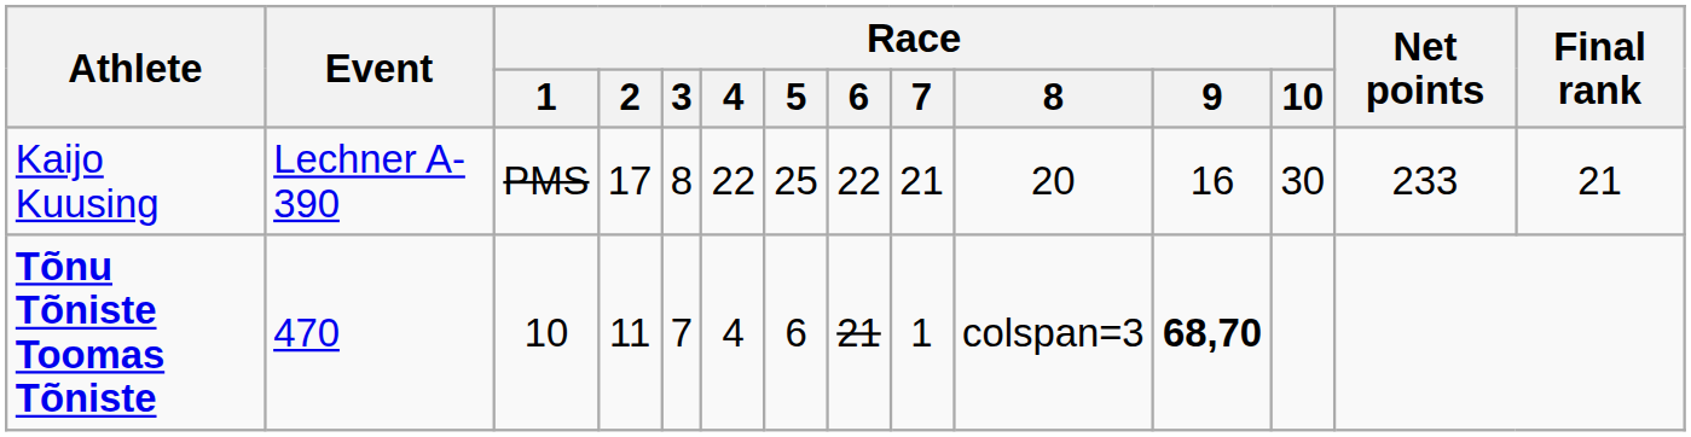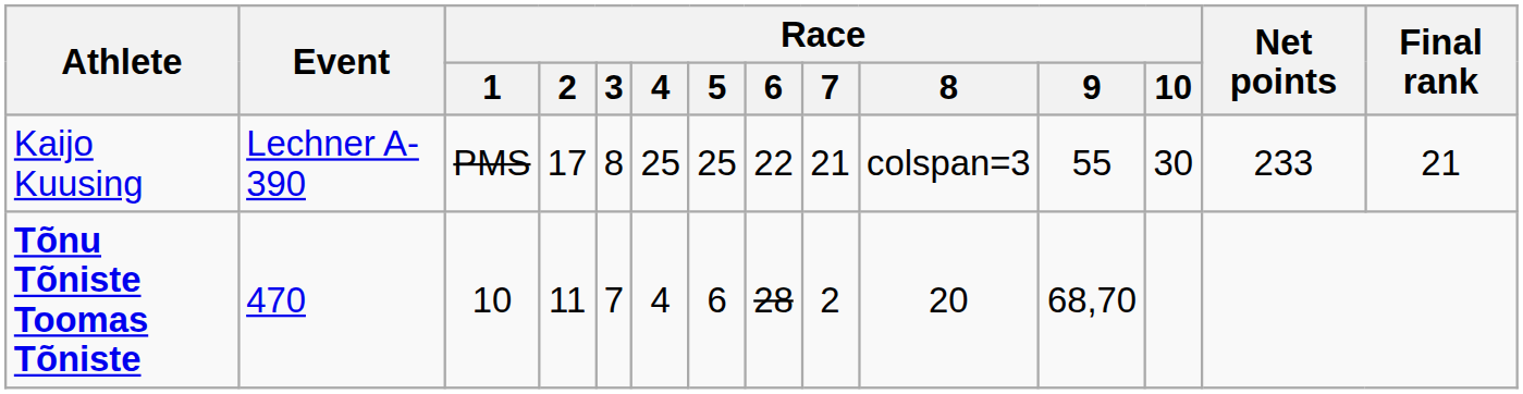 <table class="wikitable" style="font-size:90%">
 <tr>
 <th rowspan="2">Athlete</th>
 <th rowspan="2">Event</th>
 <th colspan=10>Race</th>
 <th rowspan=2>Net points</th>
 <th rowspan=2>Final rank</th>
 </tr>
 <tr style="font-size:95%">
 <th>1</th>
 <th>2</th>
 <th>3</th>
 <th>4</th>
 <th>5</th>
 <th>6</th>
 <th>7</th>
 <th>8</th>
 <th>9</th>
 <th>10</th>
 </tr>
 <tr align=center>
 <td align=left><a href='#'>Kaijo Kuusing</a></td>
 <td align=left><a href='#'>Lechner A-390</a></td>
 <td><s>PMS</s></td>
 <td>17</td>
 <td>8</td>
-<td>22</td>
+<td>25</td>
 <td>25</td>
 <td>22</td>
 <td>21</td>
-<td>20</td>
-<td>16</td>
+<td>colspan=3 </td>
+<td>55</td>
 <td>30</td>
 <td>233</td>
 <td>21</td>
 </tr>
 <tr align=center>
 <td align=left><strong><a href='#'>Tõnu Tõniste</a><br><a href='#'>Toomas Tõniste</a></strong></td>
 <td align=left><a href='#'>470</a></td>
 <td>10</td>
 <td>11</td>
 <td>7</td>
 <td>4</td>
 <td>6</td>
-<td><s>21</s></td>
-<td>1</td>
-<td>colspan=3 </td>
-<td><strong>68,70</strong></td>
+<td><s>28</s></td>
+<td>2</td>
+<td>20</td>
+<td>68,70</td>
 <td></td>
 </tr>
 </table>
